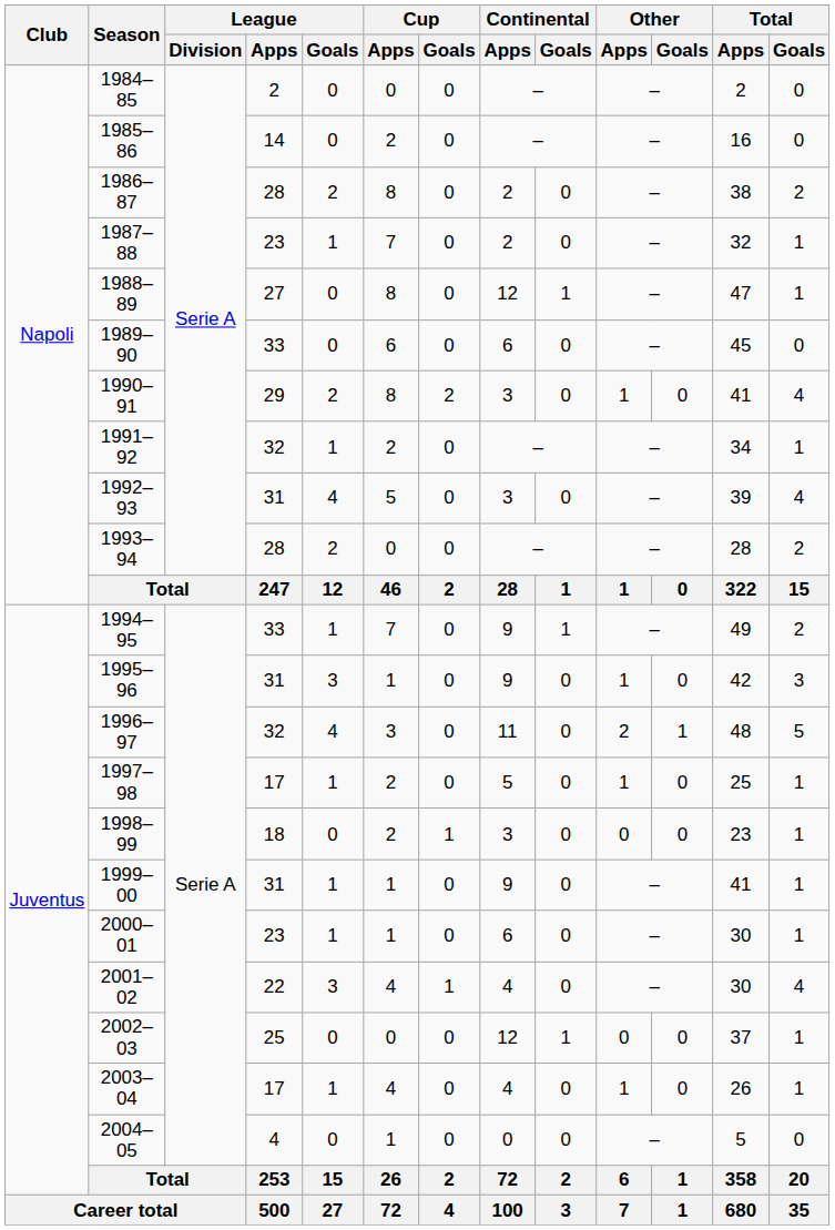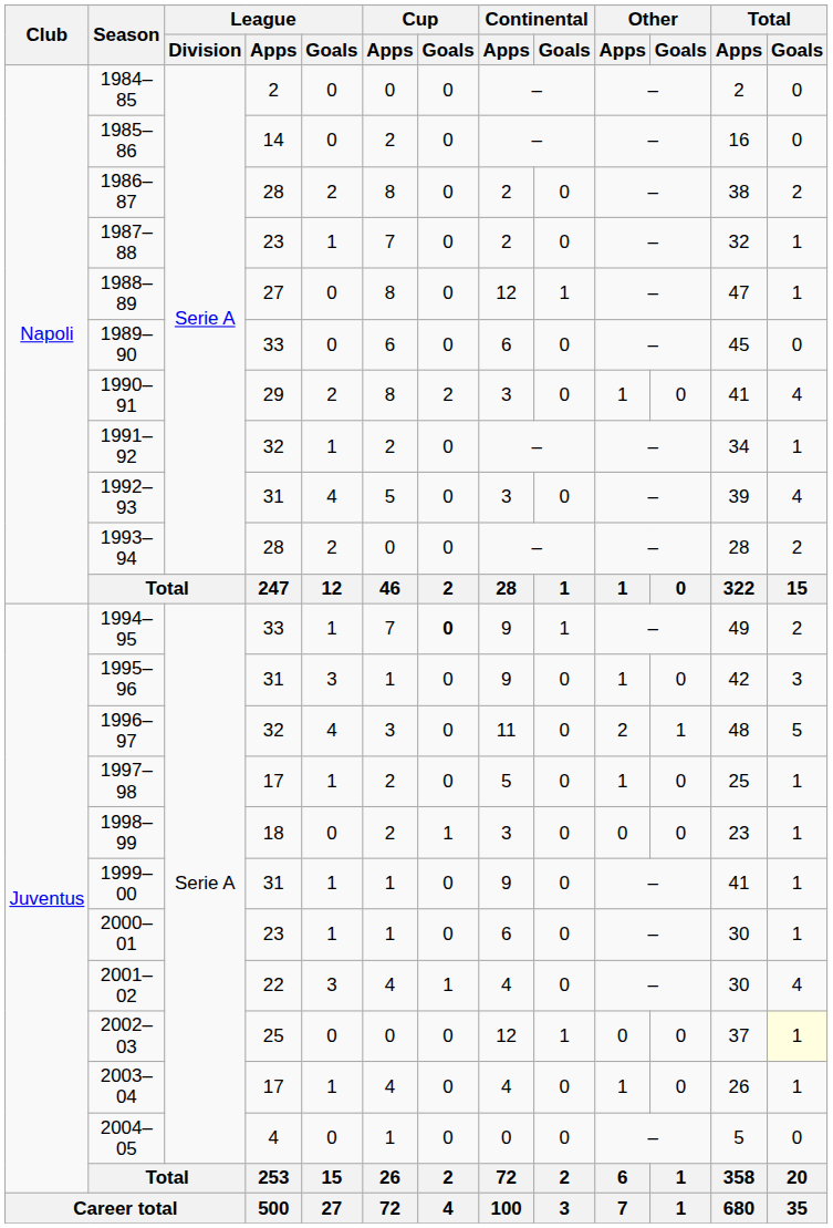 <table class="wikitable" style="text-align:center">
 <tr>
 <th rowspan="2">Club</th>
 <th rowspan="2">Season</th>
 <th colspan="3">League</th>
 <th colspan="2">Cup</th>
 <th colspan="2">Continental</th>
 <th colspan="2">Other</th>
 <th colspan="2">Total</th>
 </tr>
 <tr>
 <th>Division</th>
 <th>Apps</th>
 <th>Goals</th>
 <th>Apps</th>
 <th>Goals</th>
 <th>Apps</th>
 <th>Goals</th>
 <th>Apps</th>
 <th>Goals</th>
 <th>Apps</th>
 <th>Goals</th>
 </tr>
 <tr>
 <td rowspan="11"><a href='#'>Napoli</a></td>
 <td>1984–85</td>
 <td rowspan="10"><a href='#'>Serie A</a></td>
 <td>2</td>
 <td>0</td>
 <td>0</td>
 <td>0</td>
 <td colspan="2">–</td>
 <td colspan="2">–</td>
 <td>2</td>
 <td>0</td>
 </tr>
 <tr>
 <td>1985–86</td>
 <td>14</td>
 <td>0</td>
 <td>2</td>
 <td>0</td>
 <td colspan="2">–</td>
 <td colspan="2">–</td>
 <td>16</td>
 <td>0</td>
 </tr>
 <tr>
 <td>1986–87</td>
 <td>28</td>
 <td>2</td>
 <td>8</td>
 <td>0</td>
 <td>2</td>
 <td>0</td>
 <td colspan="2">–</td>
 <td>38</td>
 <td>2</td>
 </tr>
 <tr>
 <td>1987–88</td>
 <td>23</td>
 <td>1</td>
 <td>7</td>
 <td>0</td>
 <td>2</td>
 <td>0</td>
 <td colspan="2">–</td>
 <td>32</td>
 <td>1</td>
 </tr>
 <tr>
 <td>1988–89</td>
 <td>27</td>
 <td>0</td>
 <td>8</td>
 <td>0</td>
 <td>12</td>
 <td>1</td>
 <td colspan="2">–</td>
 <td>47</td>
 <td>1</td>
 </tr>
 <tr>
 <td>1989–90</td>
 <td>33</td>
 <td>0</td>
 <td>6</td>
 <td>0</td>
 <td>6</td>
 <td>0</td>
 <td colspan="2">–</td>
 <td>45</td>
 <td>0</td>
 </tr>
 <tr>
 <td>1990–91</td>
 <td>29</td>
 <td>2</td>
 <td>8</td>
 <td>2</td>
 <td>3</td>
 <td>0</td>
 <td>1</td>
 <td>0</td>
 <td>41</td>
 <td>4</td>
 </tr>
 <tr>
 <td>1991–92</td>
 <td>32</td>
 <td>1</td>
 <td>2</td>
 <td>0</td>
 <td colspan="2">–</td>
 <td colspan="2">–</td>
 <td>34</td>
 <td>1</td>
 </tr>
 <tr>
 <td>1992–93</td>
 <td>31</td>
 <td>4</td>
 <td>5</td>
 <td>0</td>
 <td>3</td>
 <td>0</td>
 <td colspan="2">–</td>
 <td>39</td>
 <td>4</td>
 </tr>
 <tr>
 <td>1993–94</td>
 <td>28</td>
 <td>2</td>
 <td>0</td>
 <td>0</td>
 <td colspan="2">–</td>
 <td colspan="2">–</td>
 <td>28</td>
 <td>2</td>
 </tr>
 <tr>
 <th colspan="2">Total</th>
 <th>247</th>
 <th>12</th>
 <th>46</th>
 <th>2</th>
 <th>28</th>
 <th>1</th>
 <th>1</th>
 <th>0</th>
 <th>322</th>
 <th>15</th>
 </tr>
 <tr>
 <td rowspan="12"><a href='#'>Juventus</a></td>
 <td>1994–95</td>
 <td rowspan="11">Serie A</td>
 <td>33</td>
 <td>1</td>
 <td>7</td>
-<td>0</td>
+<td><strong>0</strong></td>
 <td>9</td>
 <td>1</td>
 <td colspan="2">–</td>
 <td>49</td>
 <td>2</td>
 </tr>
 <tr>
 <td>1995–96</td>
 <td>31</td>
 <td>3</td>
 <td>1</td>
 <td>0</td>
 <td>9</td>
 <td>0</td>
 <td>1</td>
 <td>0</td>
 <td>42</td>
 <td>3</td>
 </tr>
 <tr>
 <td>1996–97</td>
 <td>32</td>
 <td>4</td>
 <td>3</td>
 <td>0</td>
 <td>11</td>
 <td>0</td>
 <td>2</td>
 <td>1</td>
 <td>48</td>
 <td>5</td>
 </tr>
 <tr>
 <td>1997–98</td>
 <td>17</td>
 <td>1</td>
 <td>2</td>
 <td>0</td>
 <td>5</td>
 <td>0</td>
 <td>1</td>
 <td>0</td>
 <td>25</td>
 <td>1</td>
 </tr>
 <tr>
 <td>1998–99</td>
 <td>18</td>
 <td>0</td>
 <td>2</td>
 <td>1</td>
 <td>3</td>
 <td>0</td>
 <td>0</td>
 <td>0</td>
 <td>23</td>
 <td>1</td>
 </tr>
 <tr>
 <td>1999–00</td>
 <td>31</td>
 <td>1</td>
 <td>1</td>
 <td>0</td>
 <td>9</td>
 <td>0</td>
 <td colspan="2">–</td>
 <td>41</td>
 <td>1</td>
 </tr>
 <tr>
 <td>2000–01</td>
 <td>23</td>
 <td>1</td>
 <td>1</td>
 <td>0</td>
 <td>6</td>
 <td>0</td>
 <td colspan="2">–</td>
 <td>30</td>
 <td>1</td>
 </tr>
 <tr>
 <td>2001–02</td>
 <td>22</td>
 <td>3</td>
 <td>4</td>
 <td>1</td>
 <td>4</td>
 <td>0</td>
 <td colspan="2">–</td>
 <td>30</td>
 <td>4</td>
 </tr>
 <tr>
 <td>2002–03</td>
 <td>25</td>
 <td>0</td>
 <td>0</td>
 <td>0</td>
 <td>12</td>
 <td>1</td>
 <td>0</td>
 <td>0</td>
 <td>37</td>
-<td>1</td>
+<td style="background: lightyellow;">1</td>
 </tr>
 <tr>
 <td>2003–04</td>
 <td>17</td>
 <td>1</td>
 <td>4</td>
 <td>0</td>
 <td>4</td>
 <td>0</td>
 <td>1</td>
 <td>0</td>
 <td>26</td>
 <td>1</td>
 </tr>
 <tr>
 <td>2004–05</td>
 <td>4</td>
 <td>0</td>
 <td>1</td>
 <td>0</td>
 <td>0</td>
 <td>0</td>
 <td colspan="2">–</td>
 <td>5</td>
 <td>0</td>
 </tr>
 <tr>
 <th colspan="2">Total</th>
 <th>253</th>
 <th>15</th>
 <th>26</th>
 <th>2</th>
 <th>72</th>
 <th>2</th>
 <th>6</th>
 <th>1</th>
 <th>358</th>
 <th>20</th>
 </tr>
 <tr>
 <th colspan="3">Career total</th>
 <th>500</th>
 <th>27</th>
 <th>72</th>
 <th>4</th>
 <th>100</th>
 <th>3</th>
 <th>7</th>
 <th>1</th>
 <th>680</th>
 <th>35</th>
 </tr>
 </table>
